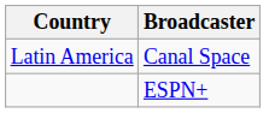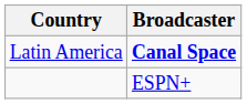 <table class="wikitable">
 <tr>
 <th align=center>Country</th>
 <th align=center>Broadcaster</th>
 </tr>
 <tr>
 <td><a href='#'>Latin America</a></td>
-<td><a href='#'>Canal Space</a></td>
+<td><strong><a href='#'>Canal Space</a></strong></td>
 </tr>
 <tr>
 <td></td>
 <td><a href='#'>ESPN+</a></td>
 </tr>
 </table>
